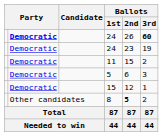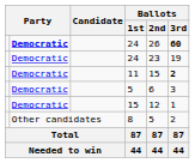 <table class="wikitable sortable">
 <tr>
 <th colspan="2" rowspan="2">Party</th>
 <th rowspan="2">Candidate</th>
 <th colspan="3">Ballots</th>
 </tr>
 <tr>
 <th>1st</th>
 <th>2nd</th>
 <th>3rd</th>
 </tr>
 <tr>
 <td style="background-color:"></td>
 <td><a href='#'><strong>Democratic</strong></a></td>
 <td><strong></strong></td>
 <td>24</td>
 <td>26</td>
 <td><strong>60</strong></td>
 </tr>
 <tr>
 <td style="background-color:"></td>
 <td><a href='#'>Democratic</a></td>
 <td></td>
 <td>24</td>
 <td>23</td>
 <td>19</td>
 </tr>
 <tr>
 <td style="background-color:"></td>
 <td><a href='#'>Democratic</a></td>
 <td></td>
 <td>11</td>
 <td>15</td>
-<td>2</td>
+<td><strong>2</strong></td>
 </tr>
 <tr>
 <td style="background-color:"></td>
 <td><a href='#'>Democratic</a></td>
 <td></td>
 <td>5</td>
 <td>6</td>
 <td>3</td>
 </tr>
 <tr>
 <td style="background-color:"></td>
 <td><a href='#'>Democratic</a></td>
 <td></td>
 <td>15</td>
 <td>12</td>
 <td>1</td>
 </tr>
 <tr class="sortbottom static-row-header">
 <td></td>
 <td colspan="2">Other candidates</td>
 <td>8</td>
-<td><strong>5</strong></td>
+<td>5</td>
 <td>2</td>
 </tr>
 <tr>
 <th colspan="3">Total</th>
 <th>87</th>
 <th>87</th>
 <th>87</th>
 </tr>
 <tr>
 <th colspan="3">Needed to win</th>
 <th>44</th>
 <th>44</th>
 <th>44</th>
 </tr>
 </table>
